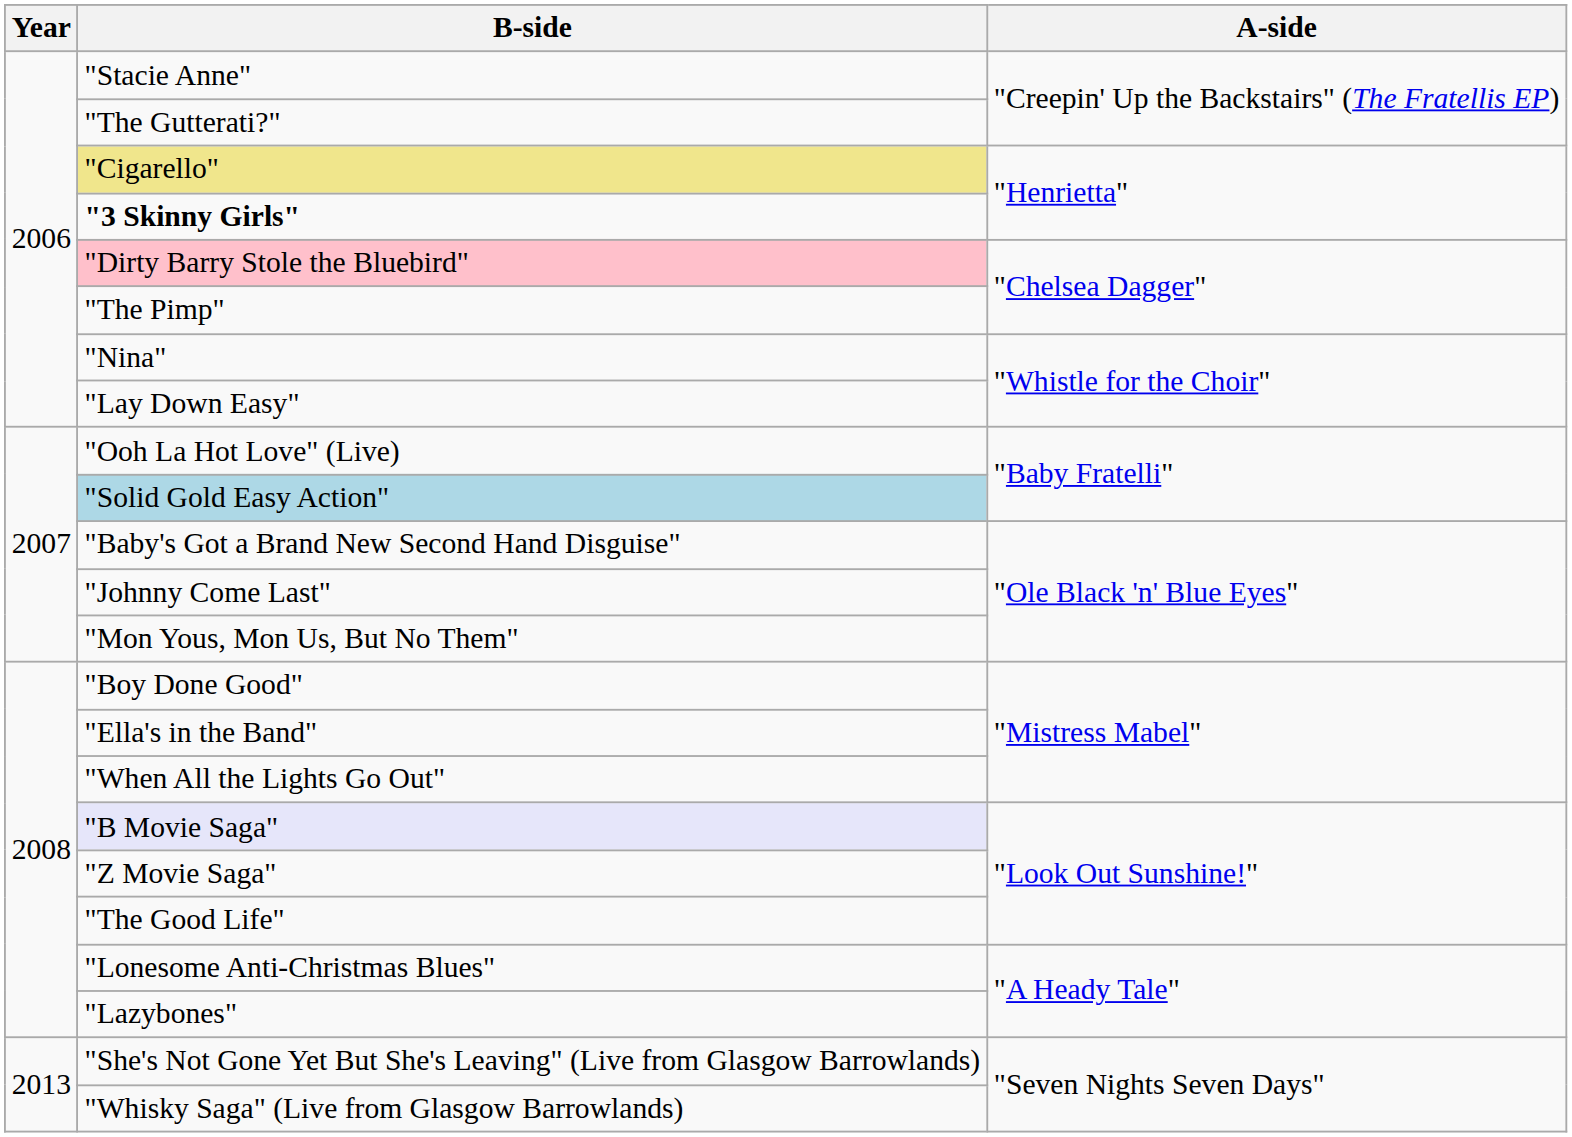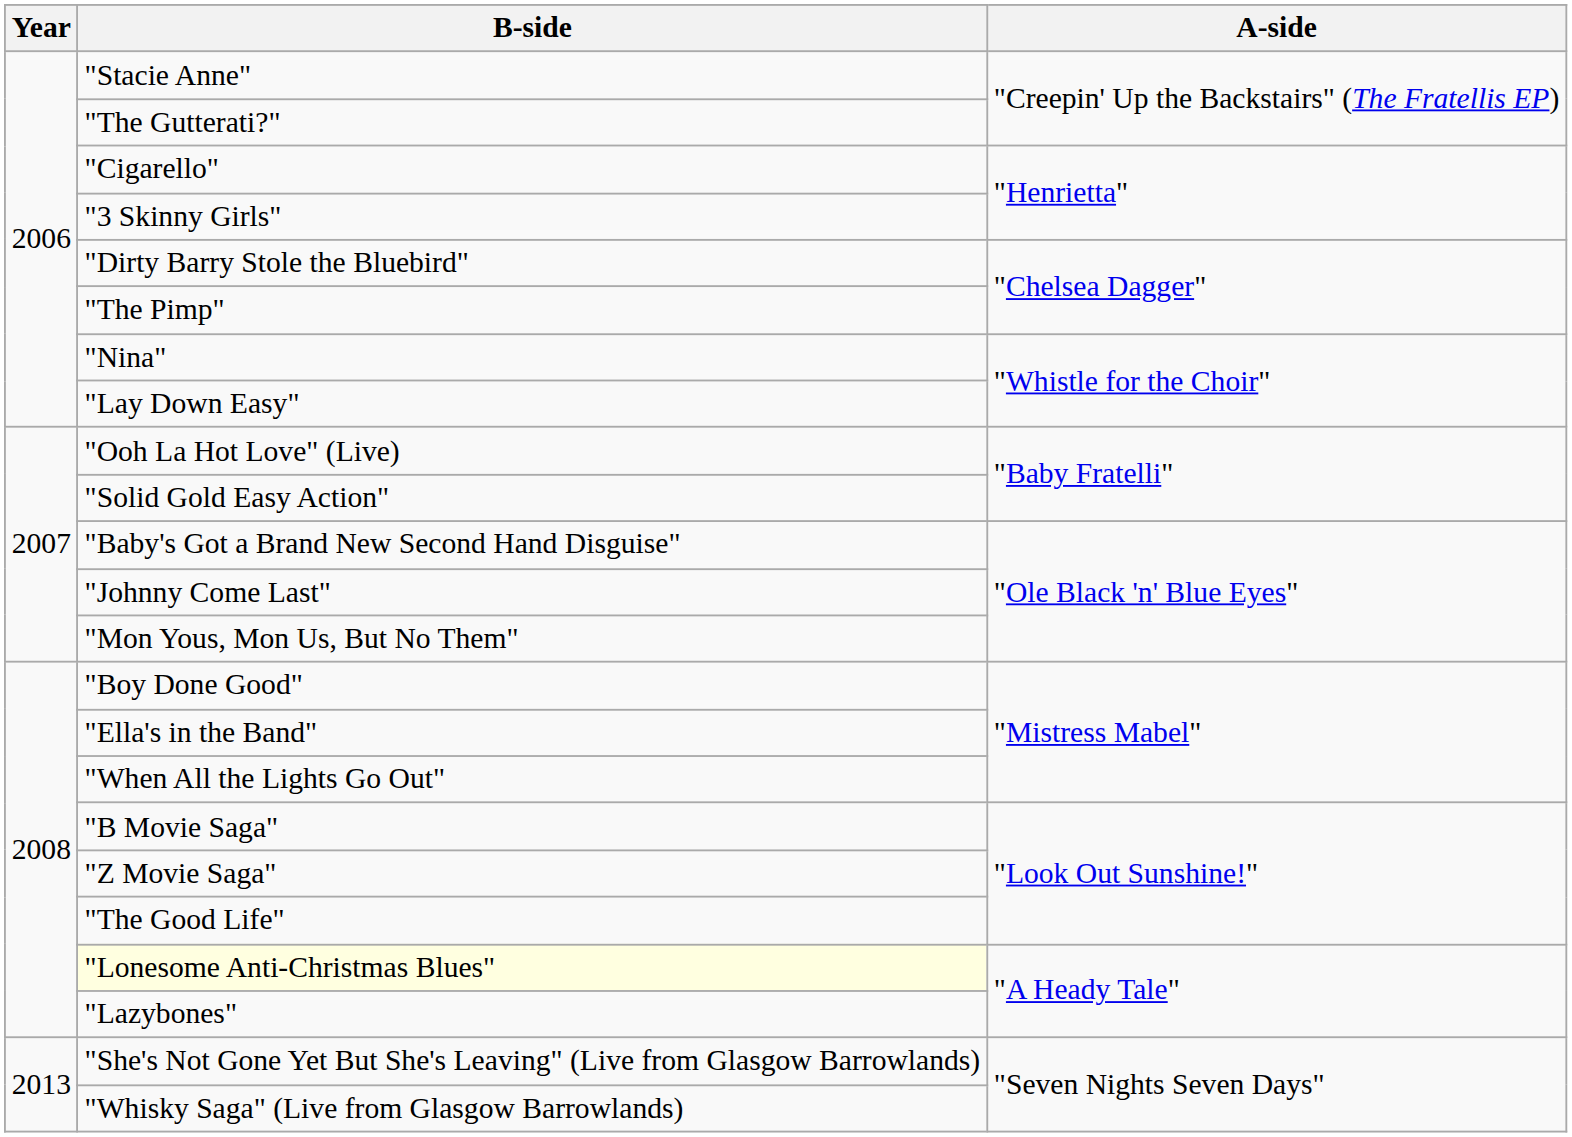 <table class="wikitable">
 <tr>
 <th>Year</th>
 <th>B-side</th>
 <th>A-side</th>
 </tr>
 <tr>
 <td rowspan="8">2006</td>
 <td>"Stacie Anne"</td>
 <td rowspan="2">"Creepin' Up the Backstairs" (<em><a href='#'>The Fratellis EP</a></em>)</td>
 </tr>
 <tr>
 <td>"The Gutterati?"</td>
 </tr>
 <tr>
-<td style="background: khaki;">"Cigarello"</td>
+<td>"Cigarello"</td>
 <td rowspan="2">"<a href='#'>Henrietta</a>"</td>
 </tr>
 <tr>
-<td><strong>"3 Skinny Girls"</strong></td>
+<td>"3 Skinny Girls"</td>
 </tr>
 <tr>
-<td style="background: pink;">"Dirty Barry Stole the Bluebird"</td>
+<td>"Dirty Barry Stole the Bluebird"</td>
 <td rowspan="2">"<a href='#'>Chelsea Dagger</a>"</td>
 </tr>
 <tr>
 <td>"The Pimp"</td>
 </tr>
 <tr>
 <td>"Nina"</td>
 <td rowspan="2">"<a href='#'>Whistle for the Choir</a>"</td>
 </tr>
 <tr>
 <td>"Lay Down Easy"</td>
 </tr>
 <tr>
 <td rowspan="5">2007</td>
 <td>"Ooh La Hot Love" (Live)</td>
 <td rowspan="2">"<a href='#'>Baby Fratelli</a>"</td>
 </tr>
 <tr>
-<td style="background: lightblue;">"Solid Gold Easy Action"</td>
+<td>"Solid Gold Easy Action"</td>
 </tr>
 <tr>
 <td>"Baby's Got a Brand New Second Hand Disguise"</td>
 <td rowspan="3">"<a href='#'>Ole Black 'n' Blue Eyes</a>"</td>
 </tr>
 <tr>
 <td>"Johnny Come Last"</td>
 </tr>
 <tr>
 <td>"Mon Yous, Mon Us, But No Them"</td>
 </tr>
 <tr>
 <td rowspan="8">2008</td>
 <td>"Boy Done Good"</td>
 <td rowspan="3">"<a href='#'>Mistress Mabel</a>"</td>
 </tr>
 <tr>
 <td>"Ella's in the Band"</td>
 </tr>
 <tr>
 <td>"When All the Lights Go Out"</td>
 </tr>
 <tr>
-<td style="background: lavender;">"B Movie Saga"</td>
+<td>"B Movie Saga"</td>
 <td rowspan="3">"<a href='#'>Look Out Sunshine!</a>"</td>
 </tr>
 <tr>
 <td>"Z Movie Saga"</td>
 </tr>
 <tr>
 <td>"The Good Life"</td>
 </tr>
 <tr>
-<td>"Lonesome Anti-Christmas Blues"</td>
+<td style="background: lightyellow;">"Lonesome Anti-Christmas Blues"</td>
 <td rowspan="2">"<a href='#'>A Heady Tale</a>"</td>
 </tr>
 <tr>
 <td>"Lazybones"</td>
 </tr>
 <tr>
 <td rowspan="8">2013</td>
 <td>"She's Not Gone Yet But She's Leaving" (Live from Glasgow Barrowlands)</td>
 <td rowspan="2">"Seven Nights Seven Days"</td>
 </tr>
 <tr>
 <td>"Whisky Saga" (Live from Glasgow Barrowlands)</td>
 </tr>
 </table>
